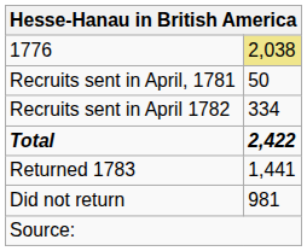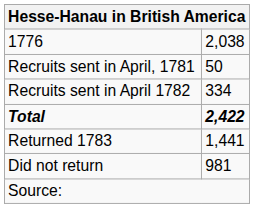 <table class="wikitable">
 <tr bgcolor="F1F1F1">
 </tr>
 <tr>
 <th colspan="2">Hesse-Hanau in British America</th>
 </tr>
 <tr>
 <td>1776</td>
-<td style="background: khaki;">2,038</td>
+<td>2,038</td>
 </tr>
 <tr>
 <td>Recruits sent in April, 1781</td>
 <td>50</td>
 </tr>
 <tr>
 <td>Recruits sent in April 1782</td>
 <td>334</td>
 </tr>
 <tr>
 <td><strong><em>Total</em></strong></td>
 <td><strong><em>2,422</em></strong></td>
 </tr>
 <tr>
 <td>Returned 1783</td>
 <td>1,441</td>
 </tr>
 <tr>
 <td>Did not return</td>
 <td>981</td>
 </tr>
 <tr>
 <td colspan="2">Source:</td>
 </tr>
 </table>
